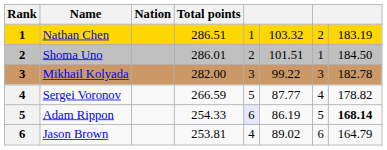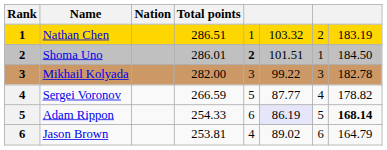 <table class="wikitable sortable">
 <tr>
 <th>Rank</th>
 <th>Name</th>
 <th>Nation</th>
 <th>Total points</th>
 <th colspan="2" width="80px"></th>
 <th colspan="2" width="80px"></th>
 </tr>
 <tr bgcolor="gold">
 <td align="center"><strong>1</strong></td>
 <td><a href='#'>Nathan Chen</a></td>
 <td></td>
 <td align="center">286.51</td>
 <td align="center">1</td>
 <td align="center">103.32</td>
 <td align="center">2</td>
 <td align="center">183.19</td>
 </tr>
 <tr bgcolor="silver">
 <td align="center"><strong>2</strong></td>
 <td><a href='#'>Shoma Uno</a></td>
 <td></td>
 <td align="center">286.01</td>
-<td align="center">2</td>
+<td align="center"><strong>2</strong></td>
 <td align="center">101.51</td>
 <td align="center">1</td>
 <td align="center">184.50</td>
 </tr>
 <tr bgcolor="cc9966">
 <td align="center"><strong>3</strong></td>
 <td><a href='#'>Mikhail Kolyada</a></td>
 <td></td>
 <td align="center">282.00</td>
 <td align="center">3</td>
 <td align="center">99.22</td>
 <td align="center">3</td>
 <td align="center">182.78</td>
 </tr>
 <tr>
 <th>4</th>
 <td><a href='#'>Sergei Voronov</a></td>
 <td></td>
 <td align="center">266.59</td>
 <td align="center">5</td>
 <td align="center">87.77</td>
 <td align="center">4</td>
 <td align="center">178.82</td>
 </tr>
 <tr>
 <th>5</th>
 <td><a href='#'>Adam Rippon</a></td>
 <td></td>
 <td align="center">254.33</td>
-<td align="center" style="background: lavender;">6</td>
-<td align="center">86.19</td>
+<td align="center">6</td>
+<td align="center" style="background: lavender;">86.19</td>
 <td align="center">5</td>
 <td align="center"><strong>168.14</strong></td>
 </tr>
 <tr>
 <th>6</th>
 <td><a href='#'>Jason Brown</a></td>
 <td></td>
 <td align="center">253.81</td>
 <td align="center">4</td>
 <td align="center">89.02</td>
 <td align="center">6</td>
 <td align="center">164.79</td>
 </tr>
 </table>
